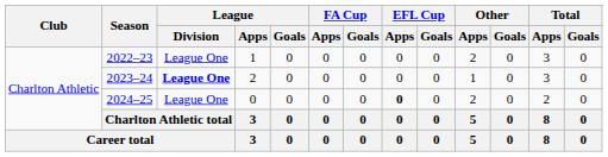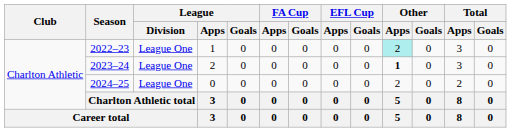 <table class="wikitable" style="text-align: center;">
 <tr>
 <th rowspan="2">Club</th>
 <th rowspan="2">Season</th>
 <th colspan="3">League</th>
 <th colspan="2"><a href='#'>FA Cup</a></th>
 <th colspan="2"><a href='#'>EFL Cup</a></th>
 <th colspan="2">Other</th>
 <th colspan="2">Total</th>
 </tr>
 <tr>
 <th>Division</th>
 <th>Apps</th>
 <th>Goals</th>
 <th>Apps</th>
 <th>Goals</th>
 <th>Apps</th>
 <th>Goals</th>
 <th>Apps</th>
 <th>Goals</th>
 <th>Apps</th>
 <th>Goals</th>
 </tr>
 <tr>
 <td rowspan="4"><a href='#'>Charlton Athletic</a></td>
 <td><a href='#'>2022–23</a></td>
 <td><a href='#'>League One</a></td>
 <td>1</td>
 <td>0</td>
 <td>0</td>
 <td>0</td>
 <td>0</td>
 <td>0</td>
-<td>2</td>
+<td style="background: paleturquoise;">2</td>
 <td>0</td>
 <td>3</td>
 <td>0</td>
 </tr>
 <tr>
 <td><a href='#'>2023–24</a></td>
-<td><strong><a href='#'>League One</a></strong></td>
+<td><a href='#'>League One</a></td>
 <td>2</td>
 <td>0</td>
 <td>0</td>
 <td>0</td>
 <td>0</td>
 <td>0</td>
-<td>1</td>
+<td><strong>1</strong></td>
 <td>0</td>
 <td>3</td>
 <td>0</td>
 </tr>
 <tr>
 <td><a href='#'>2024–25</a></td>
 <td><a href='#'>League One</a></td>
 <td>0</td>
 <td>0</td>
 <td>0</td>
 <td>0</td>
-<td><strong>0</strong></td>
+<td>0</td>
 <td>0</td>
 <td>2</td>
 <td>0</td>
 <td>2</td>
 <td>0</td>
 </tr>
 <tr>
 <th colspan="2">Charlton Athletic total</th>
 <th>3</th>
 <th>0</th>
 <th>0</th>
 <th>0</th>
 <th>0</th>
 <th>0</th>
 <th>5</th>
 <th>0</th>
 <th>8</th>
 <th>0</th>
 </tr>
 <tr>
 <th colspan="3">Career total</th>
 <th>3</th>
 <th>0</th>
 <th>0</th>
 <th>0</th>
 <th>0</th>
 <th>0</th>
 <th>5</th>
 <th>0</th>
 <th>8</th>
 <th>0</th>
 </tr>
 </table>
